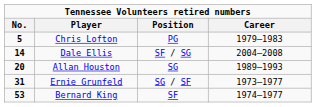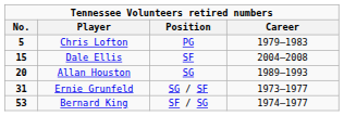 <table class="wikitable sortable" style="text-align:center">
 <tr>
 <td colspan="5"><strong>Tennessee Volunteers retired numbers</strong></td>
 </tr>
 <tr>
 <th width=40px>No.</th>
 <th width=150px>Player</th>
 <th width=100px>Position</th>
 <th width=150px>Career</th>
 </tr>
 <tr>
 <td><strong>5</strong></td>
 <td><a href='#'>Chris Lofton</a></td>
 <td><a href='#'>PG</a></td>
 <td>1979–1983</td>
 </tr>
 <tr>
-<td><strong>14</strong></td>
+<td><strong>15</strong></td>
 <td><a href='#'>Dale Ellis</a></td>
-<td><a href='#'>SF</a> / <a href='#'>SG</a></td>
+<td><a href='#'>SF</a></td>
 <td>2004–2008</td>
 </tr>
 <tr>
 <td><strong>20</strong></td>
 <td><a href='#'>Allan Houston</a></td>
 <td><a href='#'>SG</a></td>
 <td>1989–1993</td>
 </tr>
 <tr>
 <td><strong>31</strong></td>
 <td><a href='#'>Ernie Grunfeld</a></td>
 <td><a href='#'>SG</a> / <a href='#'>SF</a></td>
 <td>1973–1977</td>
 </tr>
 <tr>
 <td><strong>53</strong></td>
 <td><a href='#'>Bernard King</a></td>
-<td><a href='#'>SF</a></td>
+<td><a href='#'>SF</a> / <a href='#'>SG</a></td>
 <td>1974–1977</td>
 </tr>
 </table>
